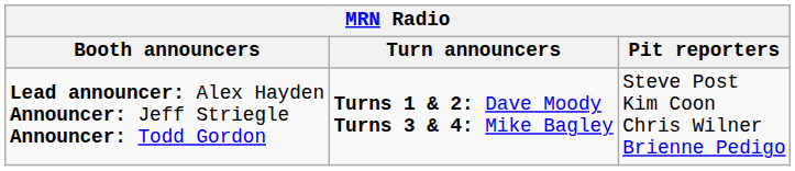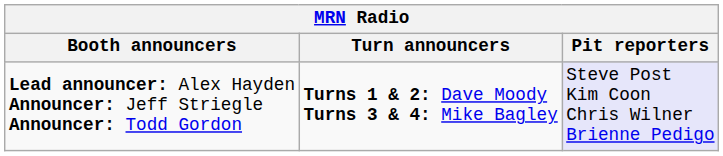 <table class="wikitable" style="font-size: 95%">
 <tr>
 <th colspan="3"><a href='#'>MRN</a> Radio</th>
 </tr>
 <tr>
 <th>Booth announcers</th>
 <th>Turn announcers</th>
 <th>Pit reporters</th>
 </tr>
 <tr>
 <td><strong>Lead announcer:</strong> Alex Hayden<br><strong>Announcer:</strong> Jeff Striegle<br><strong>Announcer:</strong> <a href='#'>Todd Gordon</a></td>
 <td><strong>Turns 1 & 2:</strong> <a href='#'>Dave Moody</a><br><strong>Turns 3 & 4:</strong> <a href='#'>Mike Bagley</a></td>
-<td>Steve Post<br>Kim Coon<br>Chris Wilner<br><a href='#'>Brienne Pedigo</a></td>
+<td style="background: lavender;">Steve Post<br>Kim Coon<br>Chris Wilner<br><a href='#'>Brienne Pedigo</a></td>
 </tr>
 </table>
